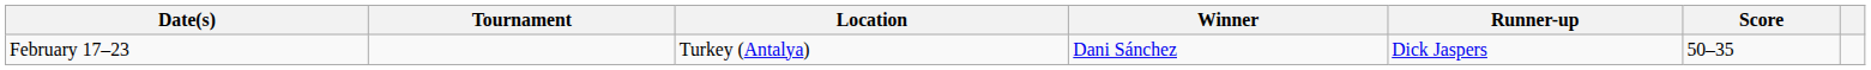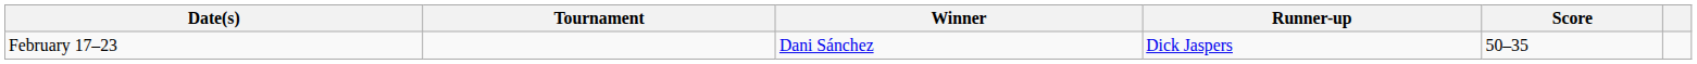 <table class="sortable wikitable plainrowheaders" style="width:100%; margin:1em auto 1em auto;">
 <tr>
 <th scope="col">Date(s)</th>
 <th scope="col">Tournament</th>
-<th scope="col">Location</th>
 <th scope="col" class="unsortable">Winner</th>
 <th scope="col" class="unsortable">Runner-up</th>
 <th scope="col" class="unsortable">Score</th>
 <th scope="col" class="unsortable"></th>
 </tr>
 <tr>
 <td scope="row">February 17–23</td>
 <td></td>
-<td>Turkey (<a href='#'>Antalya</a>)</td>
 <td><a href='#'>Dani Sánchez</a></td>
 <td><a href='#'>Dick Jaspers</a></td>
 <td>50–35</td>
 <td style="text-align:center;"></td>
 </tr>
 </table>
